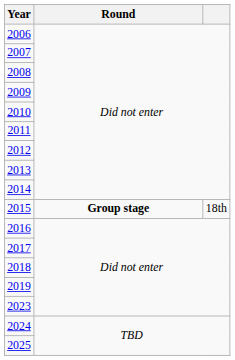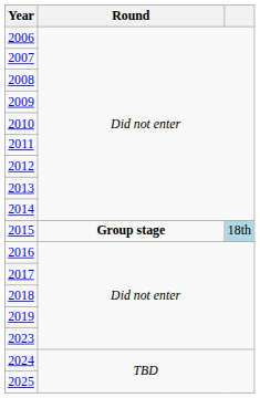 <table class="wikitable" style="text-align: center; font-size:90%">
 <tr>
 <th>Year</th>
 <th style="width:200px">Round</th>
 <th></th>
 </tr>
 <tr>
 <td><a href='#'>2006</a></td>
 <td colspan="2" rowspan="9"><em>Did not enter</em></td>
 </tr>
 <tr>
 <td><a href='#'>2007</a></td>
 </tr>
 <tr>
 <td><a href='#'>2008</a></td>
 </tr>
 <tr>
 <td><a href='#'>2009</a></td>
 </tr>
 <tr>
 <td><a href='#'>2010</a></td>
 </tr>
 <tr>
 <td><a href='#'>2011</a></td>
 </tr>
 <tr>
 <td><a href='#'>2012</a></td>
 </tr>
 <tr>
 <td><a href='#'>2013</a></td>
 </tr>
 <tr>
 <td><a href='#'>2014</a></td>
 </tr>
 <tr>
 <td><a href='#'>2015</a></td>
 <td><strong>Group stage</strong></td>
-<td>18th</td>
+<td style="background: lightblue;">18th</td>
 </tr>
 <tr>
 <td><a href='#'>2016</a></td>
 <td colspan="2" rowspan="5"><em>Did not enter</em></td>
 </tr>
 <tr>
 <td><a href='#'>2017</a></td>
 </tr>
 <tr>
 <td><a href='#'>2018</a></td>
 </tr>
 <tr>
 <td><a href='#'>2019</a></td>
 </tr>
 <tr>
 <td><a href='#'>2023</a></td>
 </tr>
 <tr>
 <td><a href='#'>2024</a></td>
 <td colspan="2" rowspan="2"><em>TBD</em></td>
 </tr>
 <tr>
 <td><a href='#'>2025</a></td>
 </tr>
 </table>
